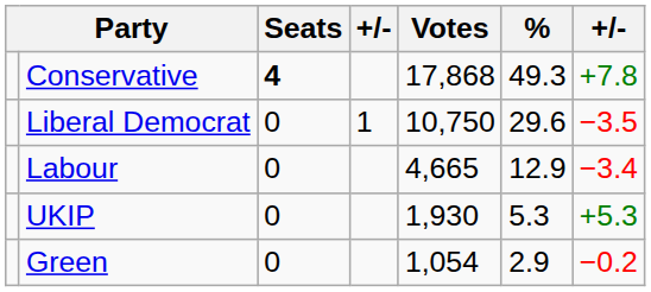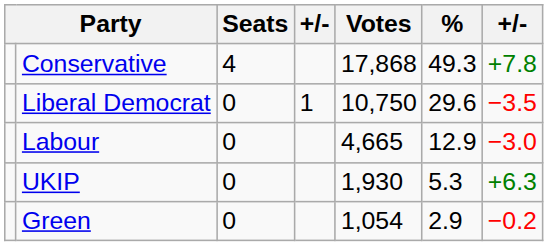 <table class="wikitable">
 <tr>
 <th colspan="2">Party</th>
 <th>Seats</th>
 <th>+/-</th>
 <th>Votes</th>
 <th>%</th>
 <th>+/-</th>
 </tr>
 <tr>
 <td style="background-color: "></td>
 <td><a href='#'>Conservative</a></td>
-<td><strong>4</strong></td>
+<td>4</td>
 <td></td>
 <td>17,868</td>
 <td>49.3</td>
 <td style="color:green">+7.8</td>
 </tr>
 <tr>
 <td style="background-color: "></td>
 <td><a href='#'>Liberal Democrat</a></td>
 <td>0</td>
 <td> 1</td>
 <td>10,750</td>
 <td>29.6</td>
 <td style="color:red">−3.5</td>
 </tr>
 <tr>
 <td style="background-color: "></td>
 <td><a href='#'>Labour</a></td>
 <td>0</td>
 <td></td>
 <td>4,665</td>
 <td>12.9</td>
-<td style="color:red">−3.4</td>
+<td style="color:red">−3.0</td>
 </tr>
 <tr>
 <td style="background-color: "></td>
 <td><a href='#'>UKIP</a></td>
 <td>0</td>
 <td></td>
 <td>1,930</td>
 <td>5.3</td>
-<td style="color:green">+5.3</td>
+<td style="color:green">+6.3</td>
 </tr>
 <tr>
 <td style="background-color: "></td>
 <td><a href='#'>Green</a></td>
 <td>0</td>
 <td></td>
 <td>1,054</td>
 <td>2.9</td>
 <td style="color:red">−0.2</td>
 </tr>
 </table>
